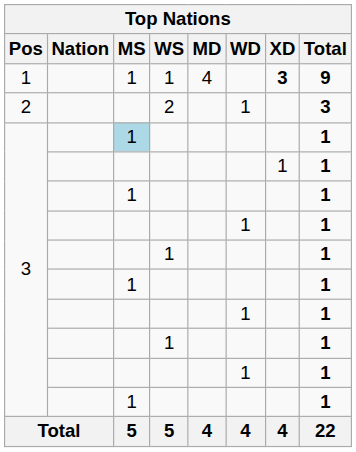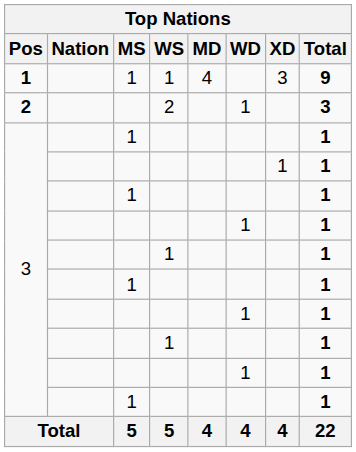 <table class="wikitable" style="text-align:center">
 <tr>
 <th colspan="10">Top Nations</th>
 </tr>
 <tr>
 <th>Pos</th>
 <th>Nation</th>
 <th>MS</th>
 <th>WS</th>
 <th>MD</th>
 <th>WD</th>
 <th>XD</th>
 <th>Total</th>
 </tr>
 <tr>
-<td>1</td>
+<td><strong>1</strong></td>
 <td align="left"></td>
 <td>1</td>
 <td>1</td>
 <td>4</td>
 <td></td>
-<td><strong>3</strong></td>
+<td>3</td>
 <td><strong>9</strong></td>
 </tr>
 <tr>
-<td>2</td>
+<td><strong>2</strong></td>
 <td align="left"></td>
 <td></td>
 <td>2</td>
 <td></td>
 <td>1</td>
 <td></td>
 <td><strong>3</strong></td>
 </tr>
 <tr>
 <td rowspan="10">3</td>
 <td align="left"></td>
-<td style="background: lightblue;">1</td>
+<td>1</td>
 <td></td>
 <td></td>
 <td></td>
 <td></td>
 <td><strong>1</strong></td>
 </tr>
 <tr>
 <td align="left"></td>
 <td></td>
 <td></td>
 <td></td>
 <td></td>
 <td>1</td>
 <td><strong>1</strong></td>
 </tr>
 <tr>
 <td align="left"></td>
 <td>1</td>
 <td></td>
 <td></td>
 <td></td>
 <td></td>
 <td><strong>1</strong></td>
 </tr>
 <tr>
 <td align="left"></td>
 <td></td>
 <td></td>
 <td></td>
 <td>1</td>
 <td></td>
 <td><strong>1</strong></td>
 </tr>
 <tr>
 <td align="left"></td>
 <td></td>
 <td>1</td>
 <td></td>
 <td></td>
 <td></td>
 <td><strong>1</strong></td>
 </tr>
 <tr>
 <td align="left"></td>
 <td>1</td>
 <td></td>
 <td></td>
 <td></td>
 <td></td>
 <td><strong>1</strong></td>
 </tr>
 <tr>
 <td align="left"></td>
 <td></td>
 <td></td>
 <td></td>
 <td>1</td>
 <td></td>
 <td><strong>1</strong></td>
 </tr>
 <tr>
 <td align="left"></td>
 <td></td>
 <td>1</td>
 <td></td>
 <td></td>
 <td></td>
 <td><strong>1</strong></td>
 </tr>
 <tr>
 <td align="left"></td>
 <td></td>
 <td></td>
 <td></td>
 <td>1</td>
 <td></td>
 <td><strong>1</strong></td>
 </tr>
 <tr>
 <td align="left"></td>
 <td>1</td>
 <td></td>
 <td></td>
 <td></td>
 <td></td>
 <td><strong>1</strong></td>
 </tr>
 <tr>
 <th colspan="2">Total</th>
 <th>5</th>
 <th>5</th>
 <th>4</th>
 <th>4</th>
 <th>4</th>
 <th>22</th>
 </tr>
 </table>
